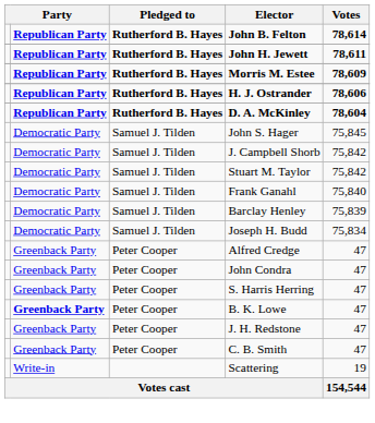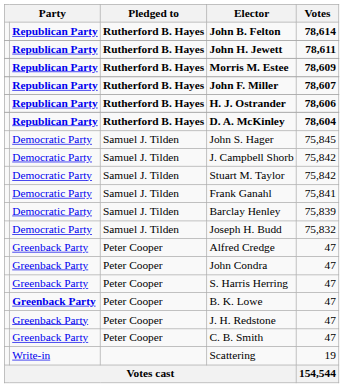 <table class="wikitable">
 <tr>
 <th colspan=2>Party</th>
 <th>Pledged to</th>
 <th>Elector</th>
 <th>Votes</th>
 </tr>
 <tr style="font-weight:bold">
 <td></td>
 <td><a href='#'>Republican Party</a></td>
 <td>Rutherford B. Hayes</td>
 <td>John B. Felton</td>
 <td align="right">78,614</td>
 </tr>
 <tr>
 </tr>
 <tr style="font-weight:bold">
 <td></td>
 <td><a href='#'>Republican Party</a></td>
 <td>Rutherford B. Hayes</td>
 <td>John H. Jewett</td>
 <td align="right">78,611</td>
 </tr>
 <tr>
 </tr>
 <tr style="font-weight:bold">
 <td></td>
 <td><a href='#'>Republican Party</a></td>
 <td>Rutherford B. Hayes</td>
 <td>Morris M. Estee</td>
 <td align="right">78,609</td>
 </tr>
 <tr>
+</tr>
+<tr style="font-weight:bold">
+<td></td>
+<td><a href='#'>Republican Party</a></td>
+<td>Rutherford B. Hayes</td>
+<td>John F. Miller</td>
+<td align="right">78,607</td>
 </tr>
 <tr>
 </tr>
 <tr style="font-weight:bold">
 <td></td>
 <td><a href='#'>Republican Party</a></td>
 <td>Rutherford B. Hayes</td>
 <td>H. J. Ostrander</td>
 <td align="right">78,606</td>
 </tr>
 <tr>
 </tr>
 <tr style="font-weight:bold">
 <td></td>
 <td><a href='#'>Republican Party</a></td>
 <td>Rutherford B. Hayes</td>
 <td>D. A. McKinley</td>
 <td align="right">78,604</td>
 </tr>
 <tr>
 <td></td>
 <td><a href='#'>Democratic Party</a></td>
 <td>Samuel J. Tilden</td>
 <td>John S. Hager</td>
 <td align="right">75,845</td>
 </tr>
 <tr>
 <td></td>
 <td><a href='#'>Democratic Party</a></td>
 <td>Samuel J. Tilden</td>
 <td>J. Campbell Shorb</td>
 <td align="right">75,842</td>
 </tr>
 <tr>
 <td></td>
 <td><a href='#'>Democratic Party</a></td>
 <td>Samuel J. Tilden</td>
 <td>Stuart M. Taylor</td>
 <td align="right">75,842</td>
 </tr>
 <tr>
 <td></td>
 <td><a href='#'>Democratic Party</a></td>
 <td>Samuel J. Tilden</td>
 <td>Frank Ganahl</td>
-<td align="right">75,840</td>
+<td align="right">75,841</td>
 </tr>
 <tr>
 <td></td>
 <td><a href='#'>Democratic Party</a></td>
 <td>Samuel J. Tilden</td>
 <td>Barclay Henley</td>
 <td align="right">75,839</td>
 </tr>
 <tr>
 <td></td>
 <td><a href='#'>Democratic Party</a></td>
 <td>Samuel J. Tilden</td>
 <td>Joseph H. Budd</td>
-<td align="right">75,834</td>
+<td align="right">75,832</td>
 </tr>
 <tr>
 <td></td>
 <td><a href='#'>Greenback Party</a></td>
 <td>Peter Cooper</td>
 <td>Alfred Credge</td>
 <td align="right">47</td>
 </tr>
 <tr>
 <td></td>
 <td><a href='#'>Greenback Party</a></td>
 <td>Peter Cooper</td>
 <td>John Condra</td>
 <td align="right">47</td>
 </tr>
 <tr>
 <td></td>
 <td><a href='#'>Greenback Party</a></td>
 <td>Peter Cooper</td>
 <td>S. Harris Herring</td>
 <td align="right">47</td>
 </tr>
 <tr>
 <td></td>
 <td><strong><a href='#'>Greenback Party</a></strong></td>
 <td>Peter Cooper</td>
 <td>B. K. Lowe</td>
 <td align="right">47</td>
 </tr>
 <tr>
 <td></td>
 <td><a href='#'>Greenback Party</a></td>
 <td>Peter Cooper</td>
 <td>J. H. Redstone</td>
 <td align="right">47</td>
 </tr>
 <tr>
 <td></td>
 <td><a href='#'>Greenback Party</a></td>
 <td>Peter Cooper</td>
 <td>C. B. Smith</td>
 <td align="right">47</td>
 </tr>
 <tr>
 <td></td>
 <td><a href='#'>Write-in</a></td>
 <td></td>
 <td>Scattering</td>
 <td align="right">19</td>
 </tr>
 <tr>
 <th colspan="4">Votes cast</th>
 <th>154,544</th>
 </tr>
 </table>
